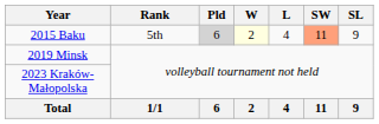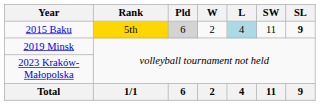 <table class="wikitable" style="text-align: center;font-size:94%;">
 <tr>
 <th width=120>Year</th>
 <th width=100>Rank</th>
 <th width=35>Pld</th>
 <th width=35>W</th>
 <th width=35>L</th>
 <th width=35>SW</th>
 <th width=35>SL</th>
 </tr>
 <tr>
 <td> <a href='#'>2015 Baku</a></td>
-<td>5th</td>
+<td style="background: gold;">5th</td>
 <td style="background: lightgrey;">6</td>
-<td style="background: lightyellow;">2</td>
-<td>4</td>
-<td style="background: lightsalmon;">11</td>
-<td>9</td>
+<td>2</td>
+<td style="background: lightblue;">4</td>
+<td>11</td>
+<td><strong>9</strong></td>
 </tr>
 <tr>
 <td> <a href='#'>2019 Minsk</a></td>
 <td colspan="7" rowspan=2><em>volleyball tournament not held</em></td>
 </tr>
 <tr>
 <td> <a href='#'>2023 Kraków-Małopolska</a></td>
 </tr>
 <tr>
 <th>Total</th>
 <th>1/1</th>
 <th>6</th>
 <th>2</th>
 <th>4</th>
 <th>11</th>
 <th>9</th>
 </tr>
 </table>
